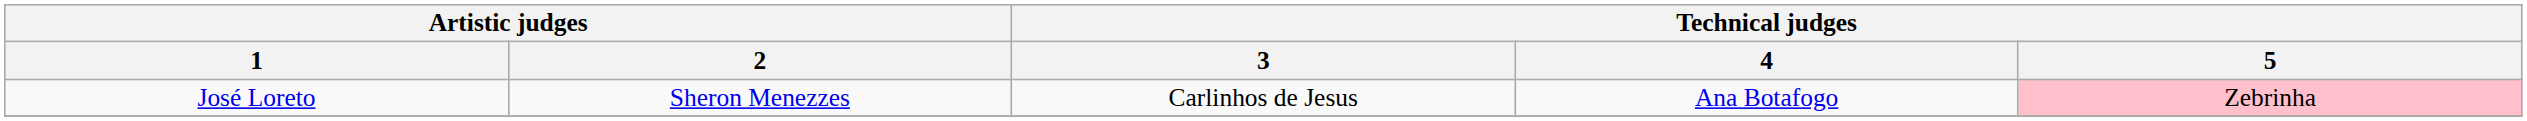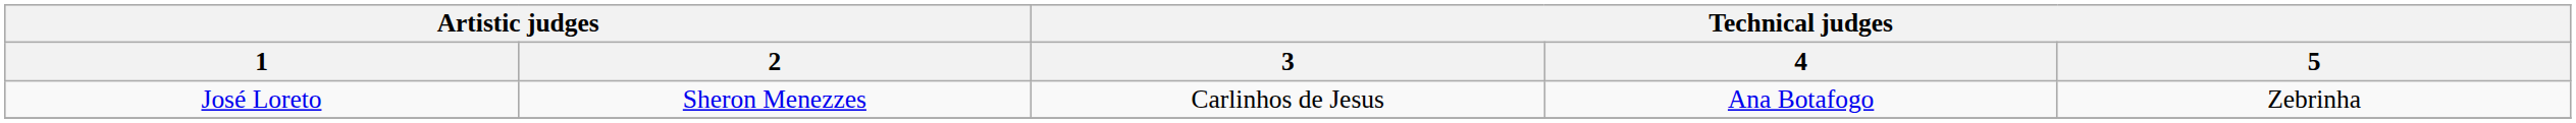 <table class="wikitable" style="font-size:100%; line-height:16px; text-align:center" width="100%">
 <tr>
 <th colspan=2>Artistic judges</th>
 <th colspan=3>Technical judges</th>
 </tr>
 <tr>
 <th width="20%">1</th>
 <th width="20%">2</th>
 <th width="20%">3</th>
 <th width="20%">4</th>
 <th width="20%">5</th>
 </tr>
 <tr>
 <td><a href='#'>José Loreto</a></td>
 <td><a href='#'>Sheron Menezzes</a></td>
 <td>Carlinhos de Jesus</td>
 <td><a href='#'>Ana Botafogo</a></td>
-<td style="background: pink;">Zebrinha</td>
+<td>Zebrinha</td>
 </tr>
 <tr>
 </tr>
 </table>
